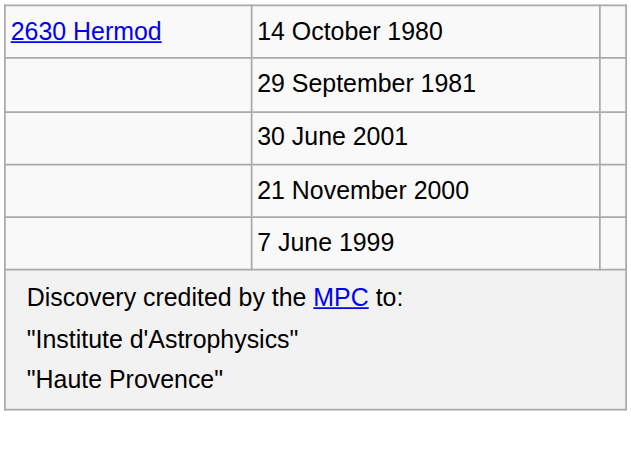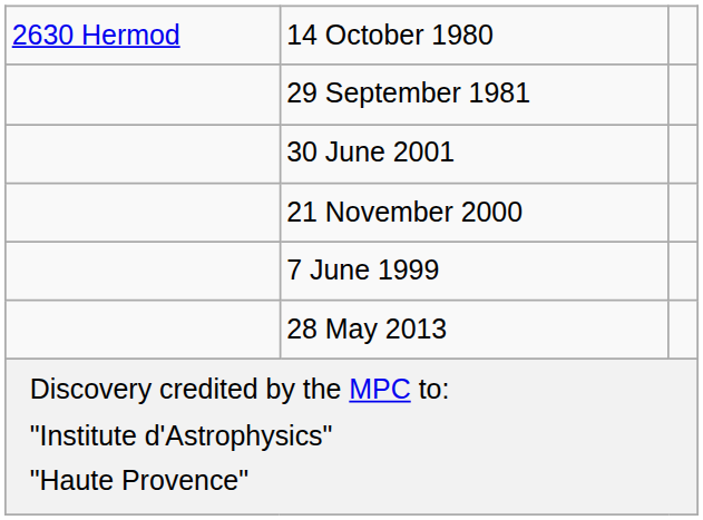 <table class="wikitable" style="font-size: 89%; float: left; width: 25em; margin-right: 1em; line-height: 1.65em !important; height: 225px;">
 <tr>
 <td><a href='#'>2630 Hermod</a></td>
 <td>14 October 1980</td>
 <td> </td>
 </tr>
 <tr>
 <td></td>
 <td>29 September 1981</td>
 <td> </td>
 </tr>
 <tr>
 <td></td>
 <td>30 June 2001</td>
 <td> </td>
 </tr>
 <tr>
 <td></td>
 <td>21 November 2000</td>
 <td> </td>
 </tr>
 <tr>
 <td></td>
 <td>7 June 1999</td>
 <td> </td>
 </tr>
 <tr>
+<td></td>
+<td>28 May 2013</td>
+<td> </td>
+</tr>
+<tr>
 <th colspan=3 style="font-weight: normal; text-align: left; padding: 4px 12px;">Discovery credited by the <a href='#'>MPC</a> to:<br> "Institute d'Astrophysics"<br> "Haute Provence"</th>
 </tr>
 </table>
